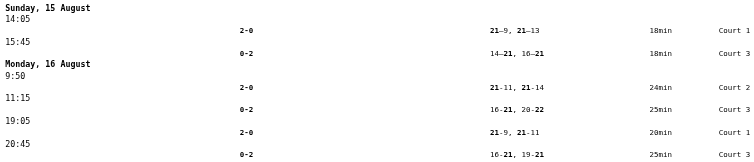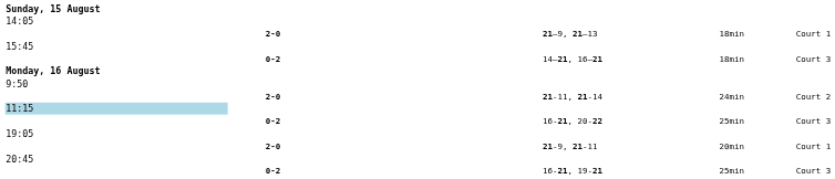 <table style="width:100%;" cellspacing="1">
 <tr>
 <th width=25%></th>
 <th width=10%></th>
 <th width=25%></th>
 </tr>
 <tr>
 <td><strong>Sunday, 15 August</strong></td>
 </tr>
 <tr>
 <td>14:05</td>
 </tr>
 <tr style=font-size:90%>
 <td align=right><strong></strong></td>
 <td align=center><strong> 2-0 </strong></td>
 <td></td>
 <td><strong>21</strong>–9, <strong>21</strong>–13</td>
 <td>18min</td>
 <td>Court 1</td>
 </tr>
 <tr>
 <td>15:45</td>
 </tr>
 <tr style=font-size:90%>
 <td align=right></td>
 <td align=center><strong> 0-2 </strong></td>
 <td><strong></strong></td>
 <td>14–<strong>21</strong>, 16–<strong>21</strong></td>
 <td>18min</td>
 <td>Court 3</td>
 </tr>
 <tr>
 <td><strong>Monday, 16 August</strong></td>
 </tr>
 <tr>
 <td>9:50</td>
 </tr>
 <tr style=font-size:90%>
 <td align=right><strong></strong></td>
 <td align=center><strong> 2-0 </strong></td>
 <td></td>
 <td><strong>21</strong>-11, <strong>21</strong>-14</td>
 <td>24min</td>
 <td>Court 2</td>
 </tr>
 <tr>
-<td>11:15</td>
+<td style="background: lightblue;">11:15</td>
 </tr>
 <tr style=font-size:90%>
 <td align=right></td>
 <td align=center><strong> 0-2 </strong></td>
 <td><strong></strong></td>
 <td>16-<strong>21</strong>, 20-<strong>22</strong></td>
 <td>25min</td>
 <td>Court 3</td>
 </tr>
 <tr>
 </tr>
 <tr>
 <td>19:05</td>
 </tr>
 <tr style=font-size:90%>
 <td align=right><strong></strong></td>
 <td align=center><strong> 2-0 </strong></td>
 <td></td>
 <td><strong>21</strong>-9, <strong>21</strong>-11</td>
 <td>20min</td>
 <td>Court 1</td>
 </tr>
 <tr>
 <td>20:45</td>
 </tr>
 <tr style=font-size:90%>
 <td align=right></td>
 <td align=center><strong> 0-2 </strong></td>
 <td><strong></strong></td>
 <td>16-<strong>21</strong>, 19-<strong>21</strong></td>
 <td>25min</td>
 <td>Court 3</td>
 </tr>
 </table>
